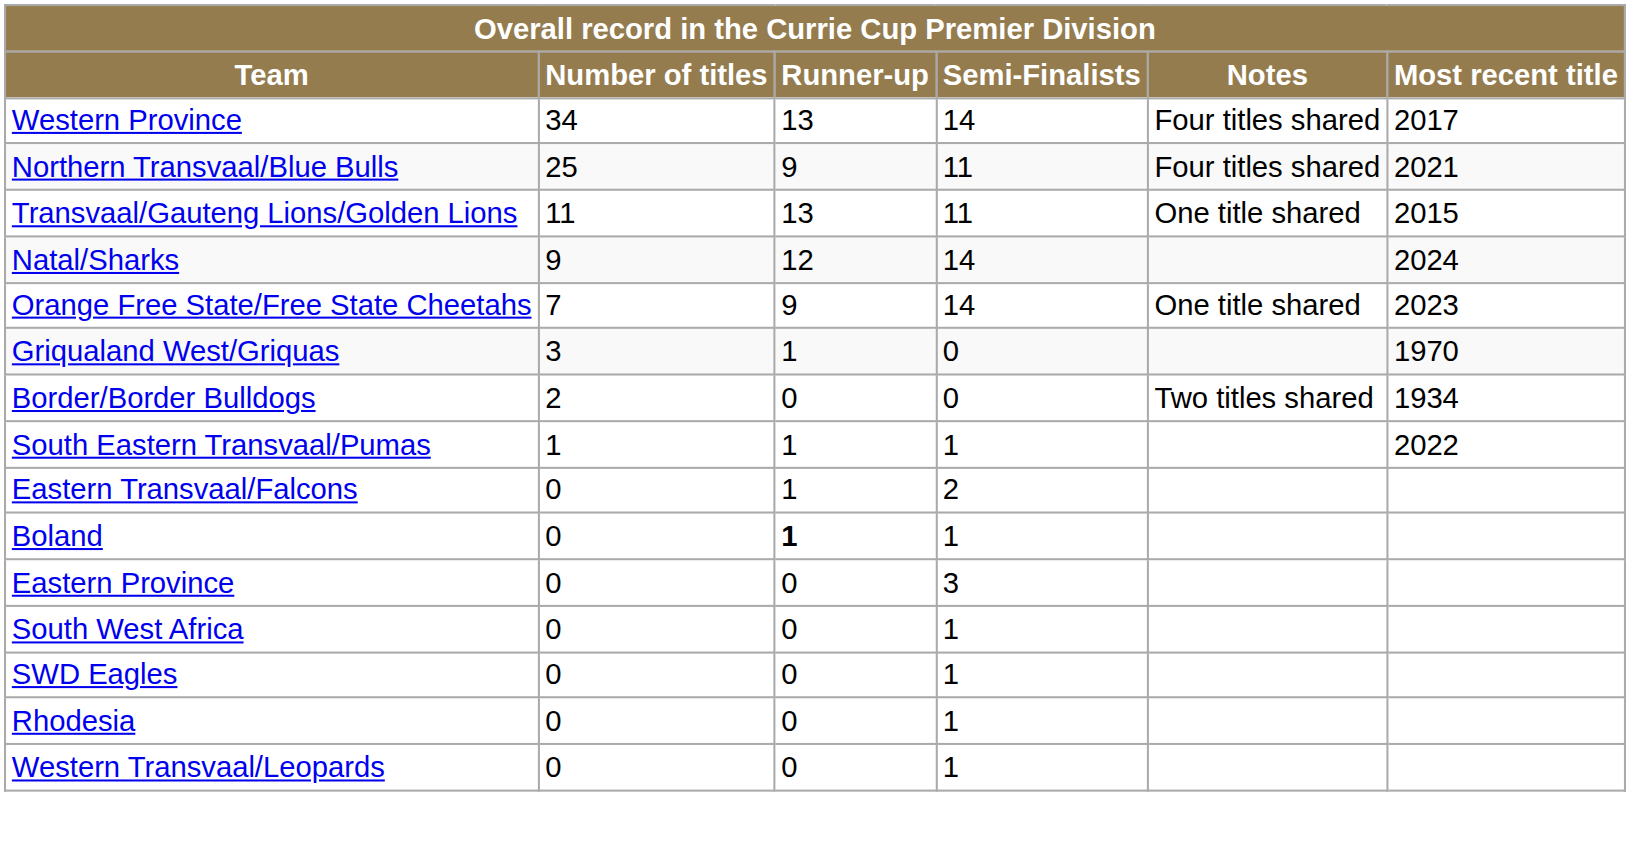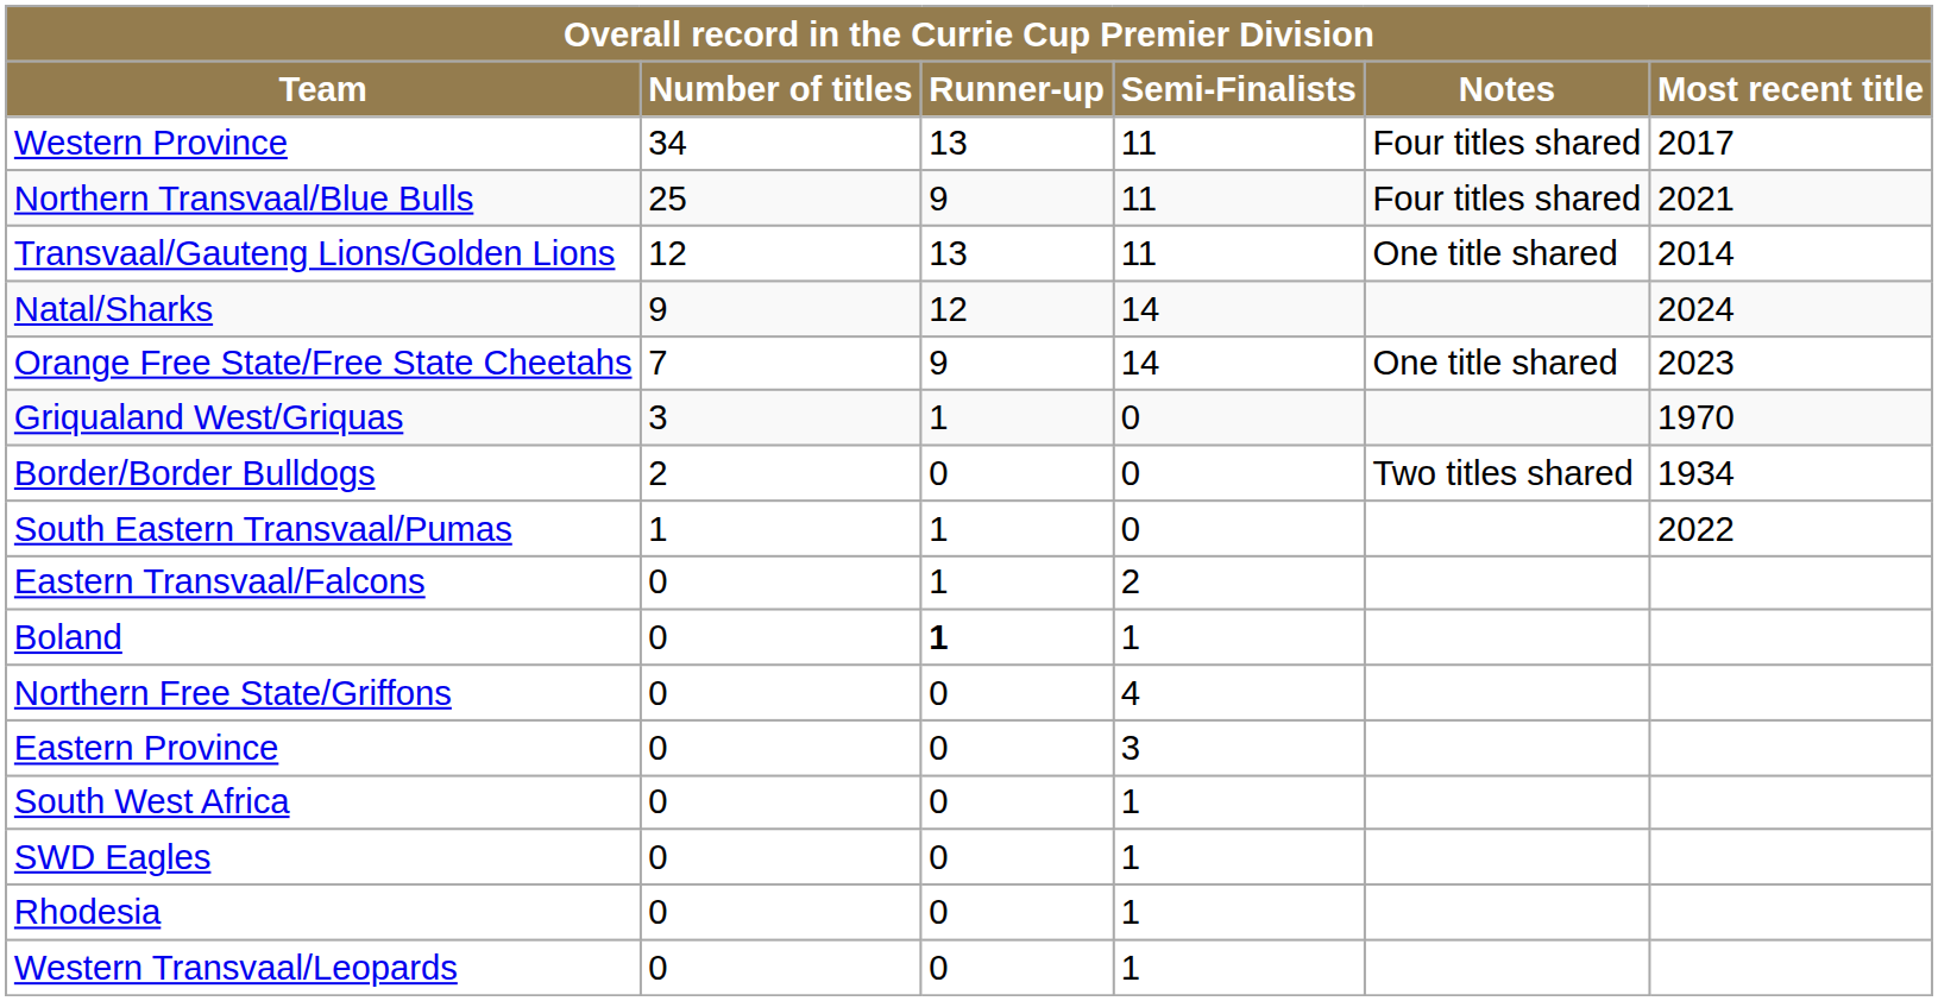 <table class="wikitable" style="text-align:left; font-size:90%; border-collapse:collapse;">
 <tr>
 <td colspan=6 align=center ! style="background: #947C4E; color:#FFFFFF"><strong>Overall record in the Currie Cup Premier Division</strong></td>
 </tr>
 <tr>
 <th style="background: #947C4E; color:#FFFFFF ">Team</th>
 <th style="background: #947C4E; color:#FFFFFF ">Number of titles</th>
 <th style="background: #947C4E; color:#FFFFFF ">Runner-up</th>
 <th style="background: #947C4E; color:#FFFFFF ">Semi-Finalists</th>
 <th style="background: #947C4E; color:#FFFFFF ">Notes</th>
 <th style="background: #947C4E; color:#FFFFFF ">Most recent title</th>
 </tr>
 <tr style="background:#FFFFFF;">
 <td><a href='#'>Western Province</a></td>
 <td>34</td>
 <td>13</td>
-<td>14</td>
+<td>11</td>
 <td>Four titles shared</td>
 <td>2017</td>
 </tr>
 <tr>
 <td><a href='#'>Northern Transvaal/Blue Bulls</a></td>
 <td>25</td>
 <td>9</td>
 <td>11</td>
 <td>Four titles shared</td>
 <td>2021</td>
 </tr>
 <tr style="background:#FFFFFF;">
 <td><a href='#'>Transvaal/Gauteng Lions/Golden Lions</a></td>
-<td>11</td>
+<td>12</td>
 <td>13</td>
 <td>11</td>
 <td>One title shared</td>
-<td>2015</td>
+<td>2014</td>
 </tr>
 <tr>
 <td><a href='#'>Natal/Sharks</a></td>
 <td>9</td>
 <td>12</td>
 <td>14</td>
 <td></td>
 <td>2024</td>
 </tr>
 <tr style="background:#FFFFFF;">
 <td><a href='#'>Orange Free State/Free State Cheetahs</a></td>
 <td>7</td>
 <td>9</td>
 <td>14</td>
 <td>One title shared</td>
 <td>2023</td>
 </tr>
 <tr>
 <td><a href='#'>Griqualand West/Griquas</a></td>
 <td>3</td>
 <td>1</td>
 <td>0</td>
 <td></td>
 <td>1970</td>
 </tr>
 <tr style="background:#FFFFFF;">
 <td><a href='#'>Border/Border Bulldogs</a></td>
 <td>2</td>
 <td>0</td>
 <td>0</td>
 <td>Two titles shared</td>
 <td>1934</td>
 </tr>
 <tr style="background:#FFFFFF;">
 <td><a href='#'>South Eastern Transvaal/Pumas</a></td>
 <td>1</td>
 <td>1</td>
-<td>1</td>
+<td>0</td>
 <td></td>
 <td>2022</td>
 </tr>
 <tr style="background:#FFFFFF;">
 <td><a href='#'>Eastern Transvaal/Falcons</a></td>
 <td>0</td>
 <td>1</td>
 <td>2</td>
 <td></td>
 <td></td>
 </tr>
 <tr style="background:#FFFFFF;">
 <td><a href='#'>Boland</a></td>
 <td>0</td>
 <td><strong>1</strong></td>
 <td>1</td>
+<td></td>
+<td></td>
+</tr>
+<tr style="background:#FFFFFF;">
+<td><a href='#'>Northern Free State/Griffons</a></td>
+<td>0</td>
+<td>0</td>
+<td>4</td>
 <td></td>
 <td></td>
 </tr>
 <tr style="background:#FFFFFF;">
 <td><a href='#'>Eastern Province</a></td>
 <td>0</td>
 <td>0</td>
 <td>3</td>
 <td></td>
 <td></td>
 </tr>
 <tr style="background:#FFFFFF;">
 <td><a href='#'>South West Africa</a></td>
 <td>0</td>
 <td>0</td>
 <td>1</td>
 <td></td>
 <td></td>
 </tr>
 <tr style="background:#FFFFFF;">
 <td><a href='#'>SWD Eagles</a></td>
 <td>0</td>
 <td>0</td>
 <td>1</td>
 <td></td>
 <td></td>
 </tr>
 <tr style="background:#FFFFFF;">
 <td><a href='#'>Rhodesia</a></td>
 <td>0</td>
 <td>0</td>
 <td>1</td>
 <td></td>
 <td></td>
 </tr>
 <tr style="background:#FFFFFF;">
 <td><a href='#'>Western Transvaal/Leopards</a></td>
 <td>0</td>
 <td>0</td>
 <td>1</td>
 <td></td>
 <td></td>
 </tr>
 </table>
